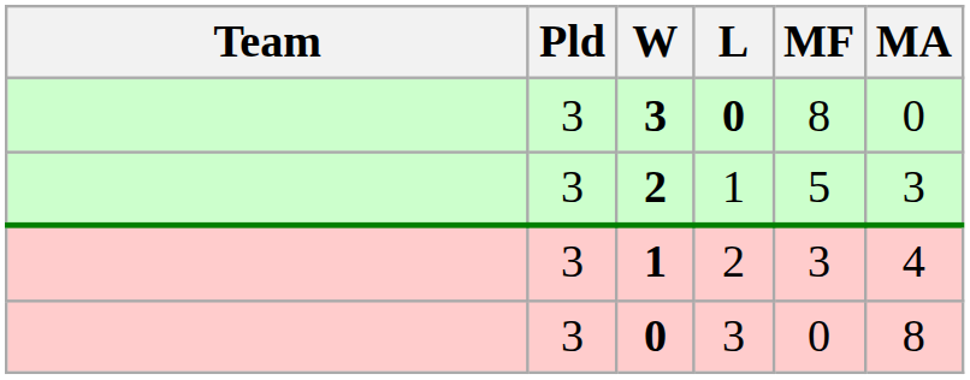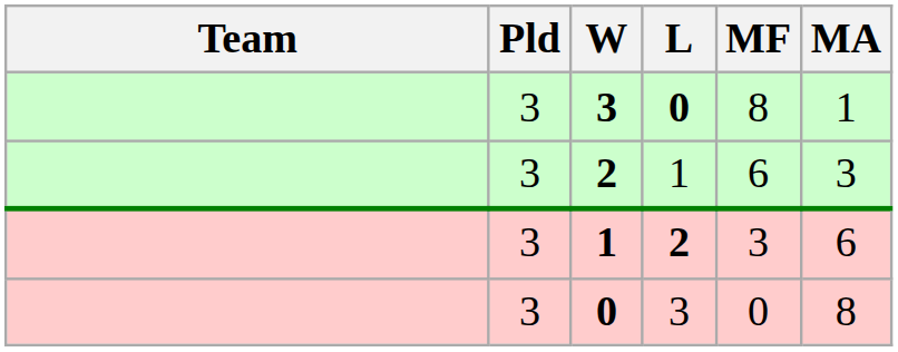 <table class=wikitable style="text-align:center">
 <tr>
 <th width=175>Team</th>
 <th width=20>Pld</th>
 <th width=20>W</th>
 <th width=20>L</th>
 <th width=20>MF</th>
 <th width=20>MA</th>
 </tr>
 <tr bgcolor=ccffcc>
 <td style="text-align:left"></td>
 <td>3</td>
 <td><strong>3</strong></td>
 <td><strong>0</strong></td>
 <td>8</td>
-<td>0</td>
+<td>1</td>
 </tr>
 <tr bgcolor=ccffcc style="border-bottom:2px solid green;">
 <td style="text-align:left"></td>
 <td>3</td>
 <td><strong>2</strong></td>
 <td>1</td>
-<td>5</td>
+<td>6</td>
 <td>3</td>
 </tr>
 <tr bgcolor=ffcccc>
 <td style="text-align:left"></td>
 <td>3</td>
 <td><strong>1</strong></td>
-<td>2</td>
+<td><strong>2</strong></td>
 <td>3</td>
-<td>4</td>
+<td>6</td>
 </tr>
 <tr bgcolor=ffcccc>
 <td style="text-align:left"></td>
 <td>3</td>
 <td><strong>0</strong></td>
 <td>3</td>
 <td>0</td>
 <td>8</td>
 </tr>
 </table>
